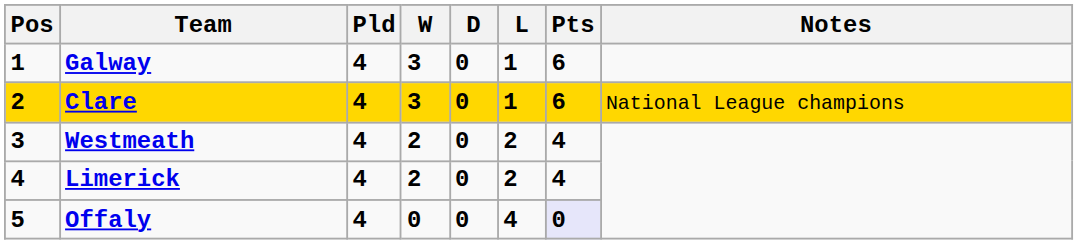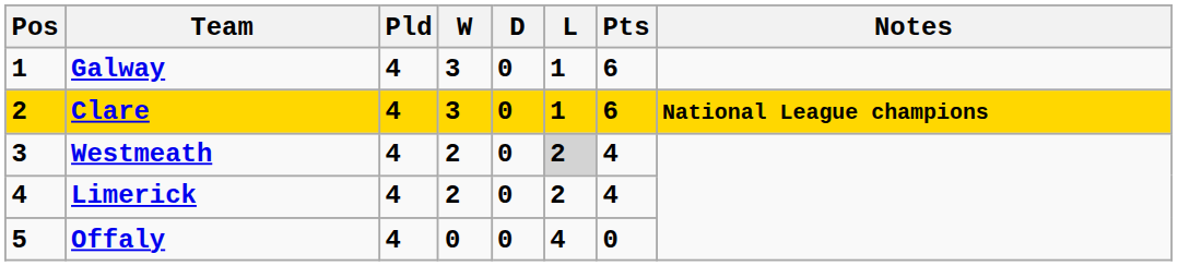 <table class="wikitable" style="text-align: centre;">
 <tr>
 <th width=20>Pos</th>
 <th width=150>Team</th>
 <th width=20>Pld</th>
 <th width=20>W</th>
 <th width=20>D</th>
 <th width=20>L</th>
 <th width=20>Pts</th>
 <th width=250>Notes</th>
 </tr>
 <tr style>
 <td><strong>1</strong></td>
 <td align=left><strong> <a href='#'>Galway</a> </strong></td>
 <td><strong>4</strong></td>
 <td><strong>3</strong></td>
 <td><strong>0</strong></td>
 <td><strong>1</strong></td>
 <td><strong>6</strong></td>
 </tr>
 <tr style="background:gold;">
 <td><strong>2</strong></td>
 <td align=left><strong> <a href='#'>Clare</a> </strong></td>
 <td><strong>4</strong></td>
 <td><strong>3</strong></td>
 <td><strong>0</strong></td>
 <td><strong>1</strong></td>
 <td><strong>6</strong></td>
-<td><small> National League champions</small></td>
+<td><strong><small> National League champions</small></strong></td>
 </tr>
 <tr>
 <td><strong>3</strong></td>
 <td align=left><strong> <a href='#'>Westmeath</a> </strong></td>
 <td><strong>4</strong></td>
 <td><strong>2</strong></td>
 <td><strong>0</strong></td>
-<td><strong>2</strong></td>
+<td style="background: lightgrey;"><strong>2</strong></td>
 <td><strong>4</strong></td>
 </tr>
 <tr>
 <td><strong>4</strong></td>
 <td align=left><strong> <a href='#'>Limerick</a> </strong></td>
 <td><strong>4</strong></td>
 <td><strong>2</strong></td>
 <td><strong>0</strong></td>
 <td><strong>2</strong></td>
 <td><strong>4</strong></td>
 </tr>
 <tr>
 <td><strong>5</strong></td>
 <td align=left><strong> <a href='#'>Offaly</a> </strong></td>
 <td><strong>4</strong></td>
 <td><strong>0</strong></td>
 <td><strong>0</strong></td>
 <td><strong>4</strong></td>
-<td style="background: lavender;"><strong>0</strong></td>
+<td><strong>0</strong></td>
 </tr>
 </table>
